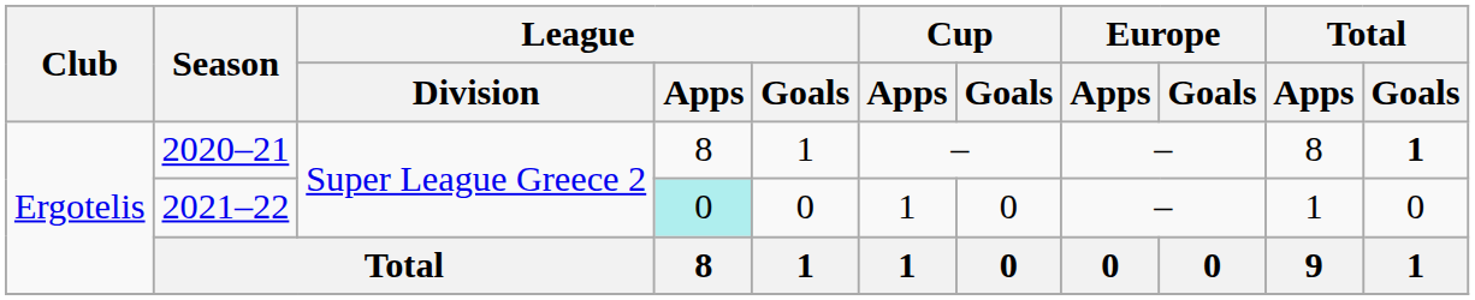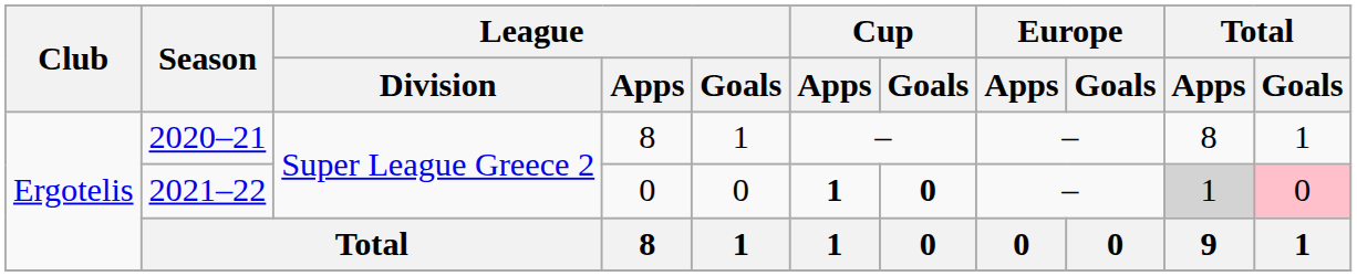 <table class="wikitable" style="text-align: center;">
 <tr>
 <th rowspan="2">Club</th>
 <th rowspan="2">Season</th>
 <th colspan="3">League</th>
 <th colspan="2">Cup</th>
 <th colspan="2">Europe</th>
 <th colspan="2">Total</th>
 </tr>
 <tr>
 <th>Division</th>
 <th>Apps</th>
 <th>Goals</th>
 <th>Apps</th>
 <th>Goals</th>
 <th>Apps</th>
 <th>Goals</th>
 <th>Apps</th>
 <th>Goals</th>
 </tr>
 <tr>
 <td rowspan="3" valign="center"><a href='#'>Ergotelis</a></td>
 <td><a href='#'>2020–21</a></td>
 <td rowspan="2"><a href='#'>Super League Greece 2</a></td>
 <td>8</td>
 <td>1</td>
 <td colspan="2">–</td>
 <td colspan="2">–</td>
 <td>8</td>
-<td><strong>1</strong></td>
+<td>1</td>
 </tr>
 <tr>
 <td><a href='#'>2021–22</a></td>
-<td style="background: paleturquoise;">0</td>
 <td>0</td>
-<td>1</td>
 <td>0</td>
+<td><strong>1</strong></td>
+<td><strong>0</strong></td>
 <td colspan="2">–</td>
-<td>1</td>
-<td>0</td>
+<td style="background: lightgrey;">1</td>
+<td style="background: pink;">0</td>
 </tr>
 <tr>
 <th colspan="2">Total</th>
 <th>8</th>
 <th>1</th>
 <th>1</th>
 <th>0</th>
 <th>0</th>
 <th>0</th>
 <th>9</th>
 <th>1</th>
 </tr>
 <tr>
 </tr>
 </table>
